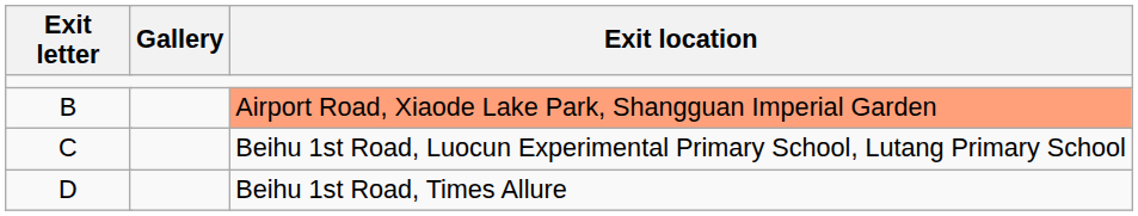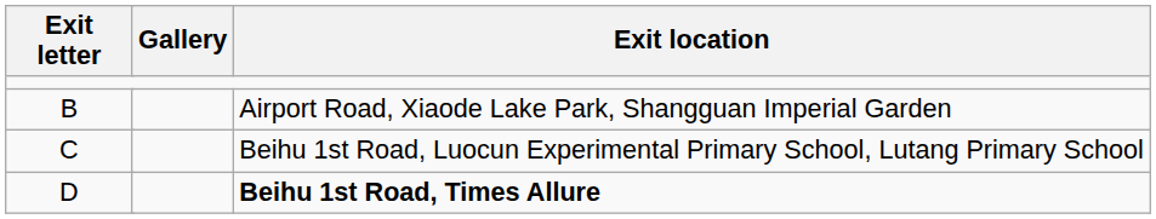 <table class="wikitable">
 <tr>
 <th style="width:70px" colspan=2>Exit letter</th>
 <th>Gallery</th>
 <th>Exit location</th>
 </tr>
 <tr style="background:#">
 <td colspan="4"></td>
 </tr>
 <tr>
 <td align=center colspan=2>B</td>
 <td></td>
-<td style="background: lightsalmon;">Airport Road, Xiaode Lake Park, Shangguan Imperial Garden</td>
+<td>Airport Road, Xiaode Lake Park, Shangguan Imperial Garden</td>
 </tr>
 <tr>
 <td align=center colspan=2>C</td>
 <td></td>
 <td>Beihu 1st Road, Luocun Experimental Primary School, Lutang Primary School</td>
 </tr>
 <tr>
 <td align=center colspan=2>D</td>
 <td></td>
-<td>Beihu 1st Road, Times Allure</td>
+<td><strong>Beihu 1st Road, Times Allure</strong></td>
 </tr>
 </table>
